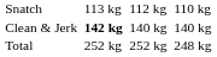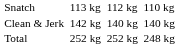 <table>
 <tr>
 <td>Snatch</td>
 <td></td>
 <td>113 kg</td>
 <td></td>
 <td>112 kg</td>
 <td></td>
 <td>110 kg</td>
 </tr>
 <tr>
 <td>Clean & Jerk</td>
 <td></td>
-<td><strong>142 kg</strong></td>
+<td>142 kg</td>
 <td></td>
 <td>140 kg</td>
 <td></td>
 <td>140 kg</td>
 </tr>
 <tr>
 <td>Total</td>
 <td></td>
 <td>252 kg</td>
 <td></td>
 <td>252 kg</td>
 <td></td>
 <td>248 kg</td>
 </tr>
 </table>
